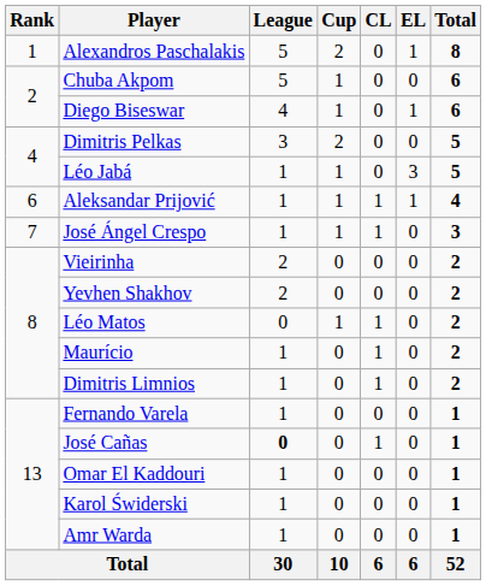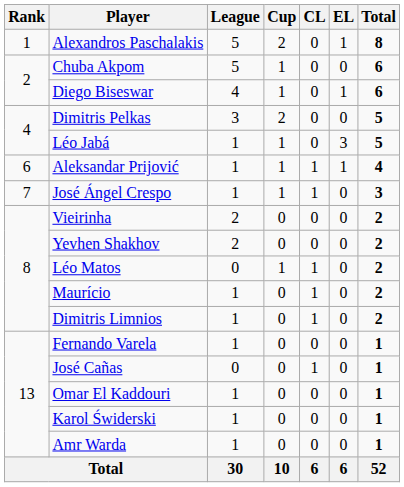 <table class="wikitable" style="text-align:center">
 <tr>
 <th>Rank</th>
 <th>Player</th>
 <th>League</th>
 <th>Cup</th>
 <th>CL</th>
 <th>EL</th>
 <th>Total</th>
 </tr>
 <tr>
 <td>1</td>
 <td align="left"> <a href='#'>Alexandros Paschalakis</a></td>
 <td>5</td>
 <td>2</td>
 <td>0</td>
 <td>1</td>
 <td><strong>8</strong></td>
 </tr>
 <tr>
 <td rowspan=2>2</td>
 <td align="left"> <a href='#'>Chuba Akpom</a></td>
 <td>5</td>
 <td>1</td>
 <td>0</td>
 <td>0</td>
 <td><strong>6</strong></td>
 </tr>
 <tr>
 <td align="left"> <a href='#'>Diego Biseswar</a></td>
 <td>4</td>
 <td>1</td>
 <td>0</td>
 <td>1</td>
 <td><strong>6</strong></td>
 </tr>
 <tr>
 <td rowspan=2>4</td>
 <td align="left"> <a href='#'>Dimitris Pelkas</a></td>
 <td>3</td>
 <td>2</td>
 <td>0</td>
 <td>0</td>
 <td><strong>5</strong></td>
 </tr>
 <tr>
 <td align="left"> <a href='#'>Léo Jabá</a></td>
 <td>1</td>
 <td>1</td>
 <td>0</td>
 <td>3</td>
 <td><strong>5</strong></td>
 </tr>
 <tr>
 <td>6</td>
 <td align="left"> <a href='#'>Aleksandar Prijović</a></td>
 <td>1</td>
 <td>1</td>
 <td>1</td>
 <td>1</td>
 <td><strong>4</strong></td>
 </tr>
 <tr>
 <td>7</td>
 <td align="left"> <a href='#'>José Ángel Crespo</a></td>
 <td>1</td>
 <td>1</td>
 <td>1</td>
 <td>0</td>
 <td><strong>3</strong></td>
 </tr>
 <tr>
 <td rowspan=5>8</td>
 <td align="left"> <a href='#'>Vieirinha</a></td>
 <td>2</td>
 <td>0</td>
 <td>0</td>
 <td>0</td>
 <td><strong>2</strong></td>
 </tr>
 <tr>
 <td align="left"> <a href='#'>Yevhen Shakhov</a></td>
 <td>2</td>
 <td>0</td>
 <td>0</td>
 <td>0</td>
 <td><strong>2</strong></td>
 </tr>
 <tr>
 <td align="left"> <a href='#'>Léo Matos</a></td>
 <td>0</td>
 <td>1</td>
 <td>1</td>
 <td>0</td>
 <td><strong>2</strong></td>
 </tr>
 <tr>
 <td align="left"> <a href='#'>Maurício</a></td>
 <td>1</td>
 <td>0</td>
 <td>1</td>
 <td>0</td>
 <td><strong>2</strong></td>
 </tr>
 <tr>
 <td align="left"> <a href='#'>Dimitris Limnios</a></td>
 <td>1</td>
 <td>0</td>
 <td>1</td>
 <td>0</td>
 <td><strong>2</strong></td>
 </tr>
 <tr>
 <td rowspan=5>13</td>
 <td align="left"> <a href='#'>Fernando Varela</a></td>
 <td>1</td>
 <td>0</td>
 <td>0</td>
 <td>0</td>
 <td><strong>1</strong></td>
 </tr>
 <tr>
 <td align="left"> <a href='#'>José Cañas</a></td>
-<td><strong>0</strong></td>
+<td>0</td>
 <td>0</td>
 <td>1</td>
 <td>0</td>
 <td><strong>1</strong></td>
 </tr>
 <tr>
 <td align="left"> <a href='#'>Omar El Kaddouri</a></td>
 <td>1</td>
 <td>0</td>
 <td>0</td>
 <td>0</td>
 <td><strong>1</strong></td>
 </tr>
 <tr>
 <td align="left"> <a href='#'>Karol Świderski</a></td>
 <td>1</td>
 <td>0</td>
 <td>0</td>
 <td>0</td>
 <td><strong>1</strong></td>
 </tr>
 <tr>
 <td align="left"> <a href='#'>Amr Warda</a></td>
 <td>1</td>
 <td>0</td>
 <td>0</td>
 <td>0</td>
 <td><strong>1</strong></td>
 </tr>
 <tr>
 <th colspan=2>Total</th>
 <th>30</th>
 <th>10</th>
 <th>6</th>
 <th>6</th>
 <th>52</th>
 </tr>
 </table>
